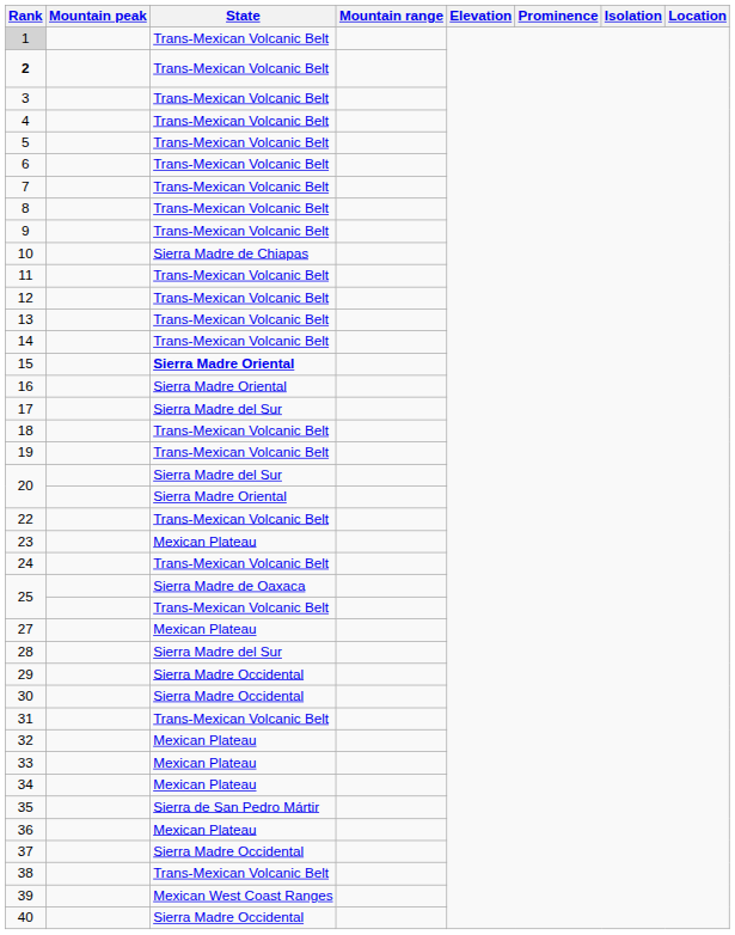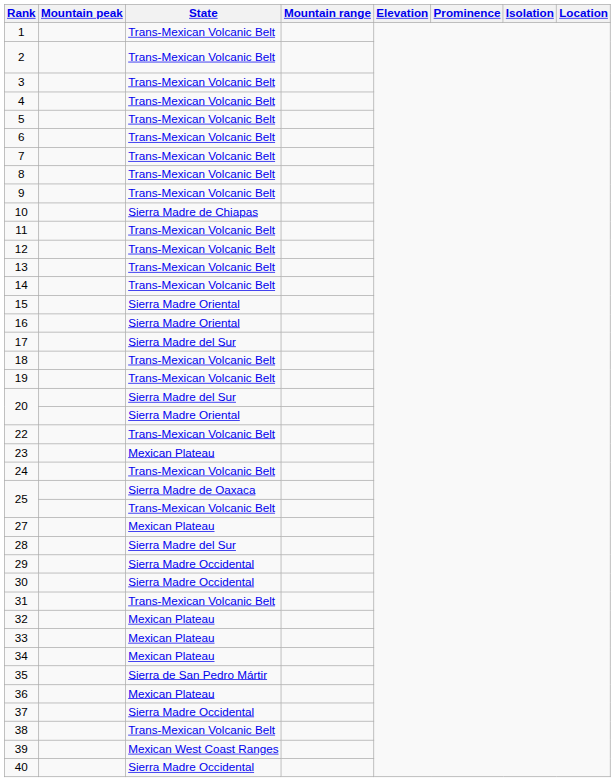 <table class="wikitable sortable">
 <tr>
 <th><a href='#'>Rank</a></th>
 <th><a href='#'>Mountain peak</a></th>
 <th><a href='#'>State</a></th>
 <th><a href='#'>Mountain range</a></th>
 <th><a href='#'>Elevation</a></th>
 <th><a href='#'>Prominence</a></th>
 <th><a href='#'>Isolation</a></th>
 <th><a href='#'>Location</a></th>
 </tr>
 <tr>
-<td align=center style="background: lightgrey;">1<br></td>
+<td align=center>1<br></td>
 <td><br></td>
 <td><a href='#'>Trans-Mexican Volcanic Belt</a><br></td>
 <td></td>
 </tr>
 <tr>
-<td align=center><strong>2<br></strong></td>
+<td align=center>2<br></td>
 <td><br><br></td>
 <td><a href='#'>Trans-Mexican Volcanic Belt</a><br></td>
 <td></td>
 </tr>
 <tr>
 <td align=center>3<br></td>
 <td><br></td>
 <td><a href='#'>Trans-Mexican Volcanic Belt</a><br></td>
 <td></td>
 </tr>
 <tr>
 <td align=center>4<br></td>
 <td></td>
 <td><a href='#'>Trans-Mexican Volcanic Belt</a><br></td>
 <td></td>
 </tr>
 <tr>
 <td align=center>5<br></td>
 <td></td>
 <td><a href='#'>Trans-Mexican Volcanic Belt</a><br></td>
 <td></td>
 </tr>
 <tr>
 <td align=center>6<br></td>
 <td><br></td>
 <td><a href='#'>Trans-Mexican Volcanic Belt</a><br></td>
 <td></td>
 </tr>
 <tr>
 <td align=center>7<br></td>
 <td></td>
 <td><a href='#'>Trans-Mexican Volcanic Belt</a><br></td>
 <td></td>
 </tr>
 <tr>
 <td align=center>8<br></td>
 <td></td>
 <td><a href='#'>Trans-Mexican Volcanic Belt</a><br></td>
 <td></td>
 </tr>
 <tr>
 <td align=center>9<br></td>
 <td></td>
 <td><a href='#'>Trans-Mexican Volcanic Belt</a><br></td>
 <td></td>
 </tr>
 <tr>
 <td align=center>10<br></td>
 <td><br></td>
 <td><a href='#'>Sierra Madre de Chiapas</a><br></td>
 <td></td>
 </tr>
 <tr>
 <td align=center>11<br></td>
 <td></td>
 <td><a href='#'>Trans-Mexican Volcanic Belt</a><br></td>
 <td></td>
 </tr>
 <tr>
 <td align=center>12<br></td>
 <td></td>
 <td><a href='#'>Trans-Mexican Volcanic Belt</a><br></td>
 <td></td>
 </tr>
 <tr>
 <td align=center>13<br></td>
 <td></td>
 <td><a href='#'>Trans-Mexican Volcanic Belt</a><br></td>
 <td></td>
 </tr>
 <tr>
 <td align=center>14<br></td>
 <td><br></td>
 <td><a href='#'>Trans-Mexican Volcanic Belt</a><br></td>
 <td></td>
 </tr>
 <tr>
 <td align=center>15<br></td>
 <td></td>
-<td><strong><a href='#'>Sierra Madre Oriental</a><br></strong></td>
+<td><a href='#'>Sierra Madre Oriental</a><br></td>
 <td></td>
 </tr>
 <tr>
 <td align=center>16<br></td>
 <td></td>
 <td><a href='#'>Sierra Madre Oriental</a><br></td>
 <td></td>
 </tr>
 <tr>
 <td align=center>17<br></td>
 <td></td>
 <td><a href='#'>Sierra Madre del Sur</a><br></td>
 <td></td>
 </tr>
 <tr>
 <td align=center>18<br></td>
 <td></td>
 <td><a href='#'>Trans-Mexican Volcanic Belt</a><br></td>
 <td></td>
 </tr>
 <tr>
 <td align=center>19<br></td>
 <td></td>
 <td><a href='#'>Trans-Mexican Volcanic Belt</a><br></td>
 <td></td>
 </tr>
 <tr>
 <td align=center rowspan=2>20<br></td>
 <td></td>
 <td><a href='#'>Sierra Madre del Sur</a><br></td>
 <td></td>
 </tr>
 <tr>
 <td></td>
 <td><a href='#'>Sierra Madre Oriental</a><br></td>
 <td></td>
 </tr>
 <tr>
 <td align=center>22<br></td>
 <td></td>
 <td><a href='#'>Trans-Mexican Volcanic Belt</a><br></td>
 <td></td>
 </tr>
 <tr>
 <td align=center>23<br></td>
 <td></td>
 <td><a href='#'>Mexican Plateau</a><br></td>
 <td></td>
 </tr>
 <tr>
 <td align=center>24<br></td>
 <td></td>
 <td><a href='#'>Trans-Mexican Volcanic Belt</a><br></td>
 <td></td>
 </tr>
 <tr>
 <td align=center rowspan=2>25<br></td>
 <td></td>
 <td><a href='#'>Sierra Madre de Oaxaca</a><br></td>
 <td></td>
 </tr>
 <tr>
 <td></td>
 <td><a href='#'>Trans-Mexican Volcanic Belt</a><br></td>
 <td></td>
 </tr>
 <tr>
 <td align=center>27<br></td>
 <td><br></td>
 <td><a href='#'>Mexican Plateau</a><br></td>
 <td></td>
 </tr>
 <tr>
 <td align=center>28<br></td>
 <td></td>
 <td><a href='#'>Sierra Madre del Sur</a><br></td>
 <td></td>
 </tr>
 <tr>
 <td align=center>29<br></td>
 <td></td>
 <td><a href='#'>Sierra Madre Occidental</a><br></td>
 <td></td>
 </tr>
 <tr>
 <td align=center>30<br></td>
 <td></td>
 <td><a href='#'>Sierra Madre Occidental</a><br></td>
 <td></td>
 </tr>
 <tr>
 <td align=center>31<br></td>
 <td></td>
 <td><a href='#'>Trans-Mexican Volcanic Belt</a><br></td>
 <td></td>
 </tr>
 <tr>
 <td align=center>32<br></td>
 <td><br></td>
 <td><a href='#'>Mexican Plateau</a><br></td>
 <td></td>
 </tr>
 <tr>
 <td align=center>33<br></td>
 <td></td>
 <td><a href='#'>Mexican Plateau</a><br></td>
 <td></td>
 </tr>
 <tr>
 <td align=center>34<br></td>
 <td></td>
 <td><a href='#'>Mexican Plateau</a><br></td>
 <td></td>
 </tr>
 <tr>
 <td align=center>35<br></td>
 <td></td>
 <td><a href='#'>Sierra de San Pedro Mártir</a><br></td>
 <td></td>
 </tr>
 <tr>
 <td align=center>36<br></td>
 <td></td>
 <td><a href='#'>Mexican Plateau</a><br></td>
 <td></td>
 </tr>
 <tr>
 <td align=center>37<br></td>
 <td></td>
 <td><a href='#'>Sierra Madre Occidental</a><br></td>
 <td></td>
 </tr>
 <tr>
 <td align=center>38<br></td>
 <td></td>
 <td><a href='#'>Trans-Mexican Volcanic Belt</a><br></td>
 <td></td>
 </tr>
 <tr>
 <td align=center>39<br></td>
 <td></td>
 <td><a href='#'>Mexican West Coast Ranges</a><br></td>
 <td></td>
 </tr>
 <tr>
 <td align=center>40<br></td>
 <td><br></td>
 <td><a href='#'>Sierra Madre Occidental</a><br></td>
 <td></td>
 </tr>
 </table>
